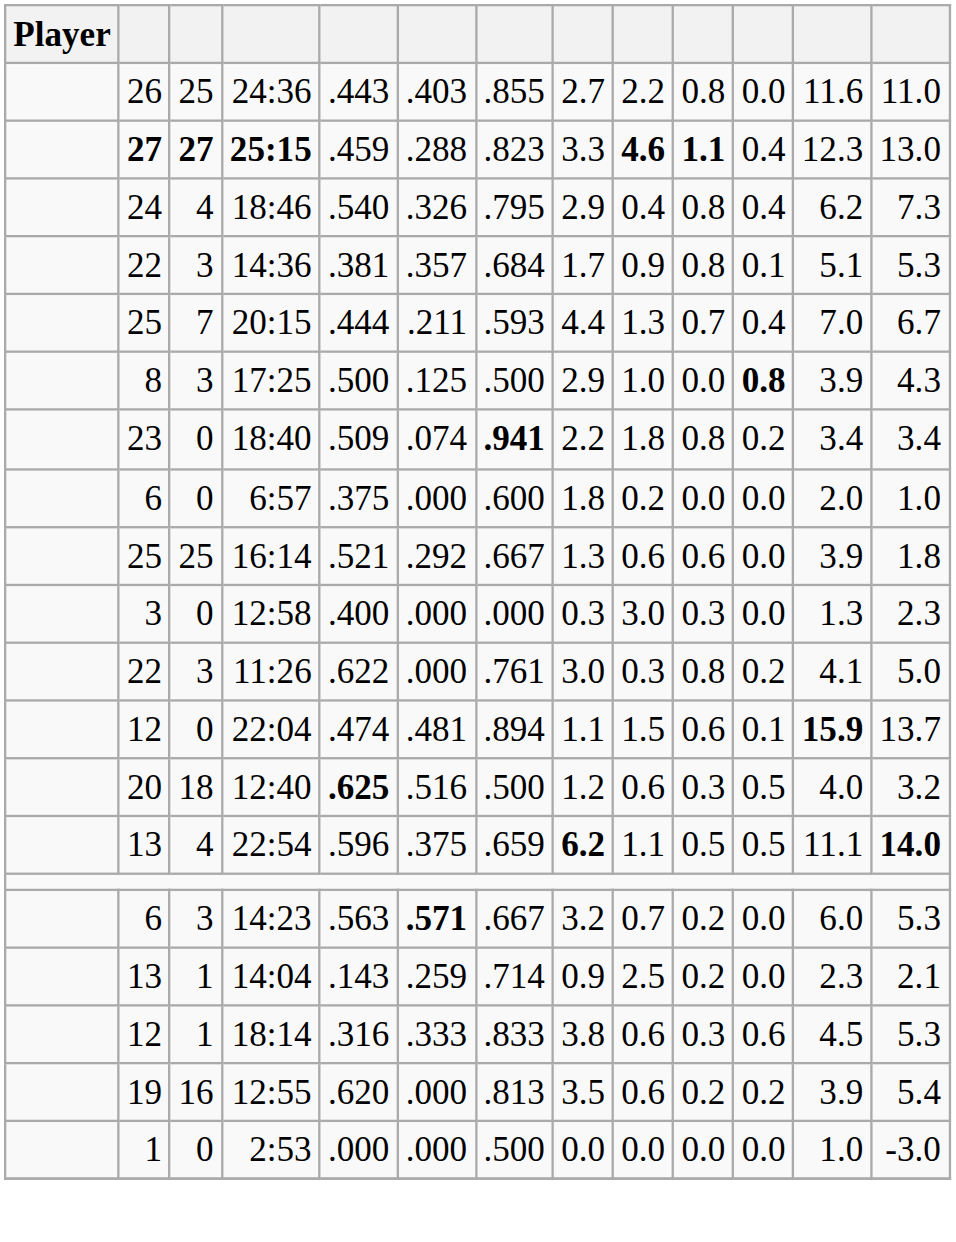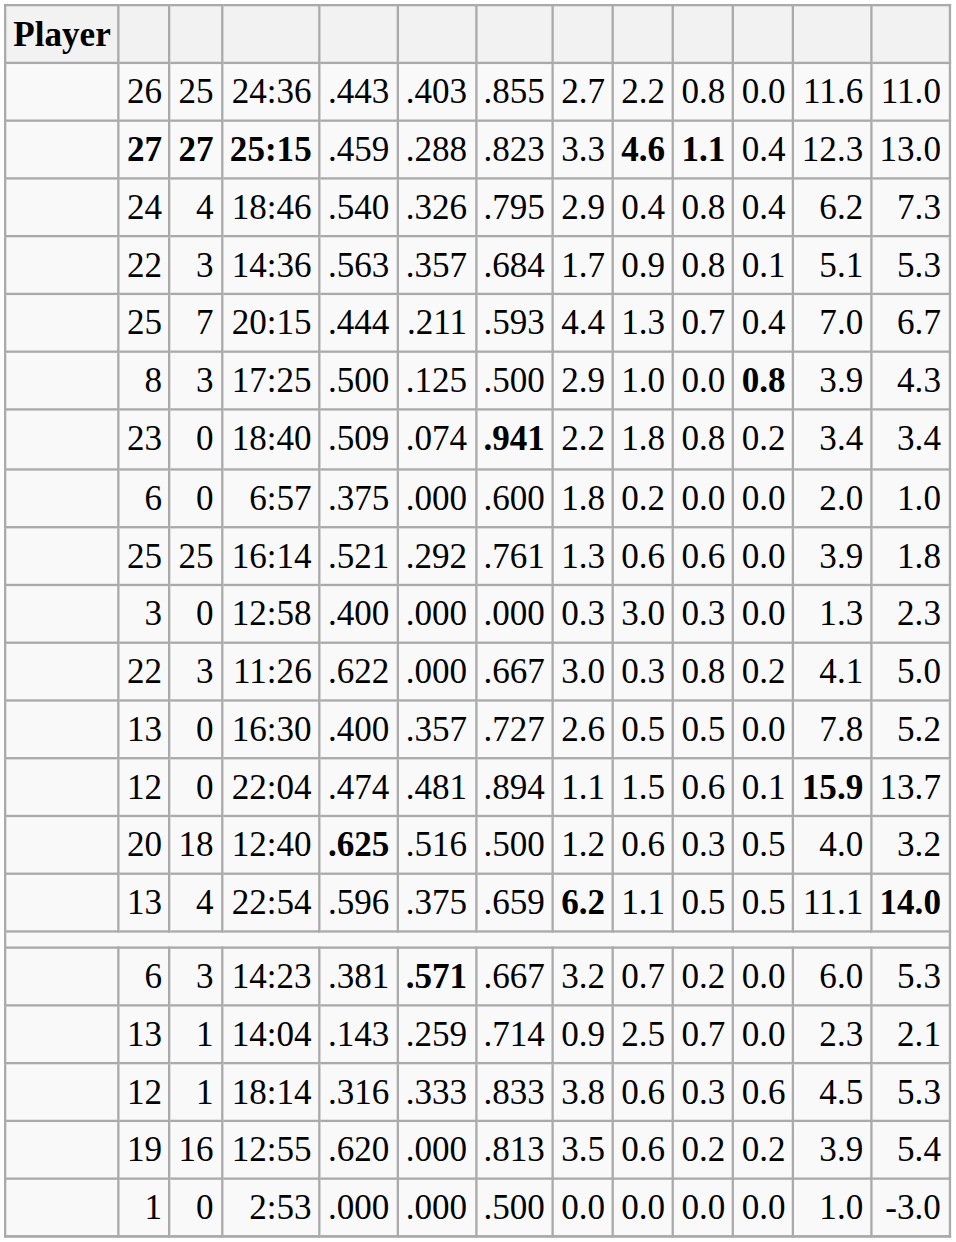 <table class="wikitable sortable" style="font-size:95%; text-align:right;">
 <tr>
 <th>Player</th>
 <th></th>
 <th></th>
 <th></th>
 <th></th>
 <th></th>
 <th></th>
 <th></th>
 <th></th>
 <th></th>
 <th></th>
 <th></th>
 <th></th>
 </tr>
 <tr>
 <td><strong></strong></td>
 <td>26</td>
 <td>25</td>
 <td>24:36</td>
 <td>.443</td>
 <td>.403</td>
 <td>.855</td>
 <td>2.7</td>
 <td>2.2</td>
 <td>0.8</td>
 <td>0.0</td>
 <td>11.6</td>
 <td>11.0</td>
 </tr>
 <tr>
 <td><strong></strong></td>
 <td><strong>27</strong></td>
 <td><strong>27</strong></td>
 <td><strong>25:15</strong></td>
 <td>.459</td>
 <td>.288</td>
 <td>.823</td>
 <td>3.3</td>
 <td><strong>4.6</strong></td>
 <td><strong>1.1</strong></td>
 <td>0.4</td>
 <td>12.3</td>
 <td>13.0</td>
 </tr>
 <tr>
 <td><strong></strong></td>
 <td>24</td>
 <td>4</td>
 <td>18:46</td>
 <td>.540</td>
 <td>.326</td>
 <td>.795</td>
 <td>2.9</td>
 <td>0.4</td>
 <td>0.8</td>
 <td>0.4</td>
 <td>6.2</td>
 <td>7.3</td>
 </tr>
 <tr>
 <td><strong></strong></td>
 <td>22</td>
 <td>3</td>
 <td>14:36</td>
-<td>.381</td>
+<td>.563</td>
 <td>.357</td>
 <td>.684</td>
 <td>1.7</td>
 <td>0.9</td>
 <td>0.8</td>
 <td>0.1</td>
 <td>5.1</td>
 <td>5.3</td>
 </tr>
 <tr>
 <td><strong></strong></td>
 <td>25</td>
 <td>7</td>
 <td>20:15</td>
 <td>.444</td>
 <td>.211</td>
 <td>.593</td>
 <td>4.4</td>
 <td>1.3</td>
 <td>0.7</td>
 <td>0.4</td>
 <td>7.0</td>
 <td>6.7</td>
 </tr>
 <tr>
 <td><strong></strong></td>
 <td>8</td>
 <td>3</td>
 <td>17:25</td>
 <td>.500</td>
 <td>.125</td>
 <td>.500</td>
 <td>2.9</td>
 <td>1.0</td>
 <td>0.0</td>
 <td><strong>0.8</strong></td>
 <td>3.9</td>
 <td>4.3</td>
 </tr>
 <tr>
 <td><strong></strong></td>
 <td>23</td>
 <td>0</td>
 <td>18:40</td>
 <td>.509</td>
 <td>.074</td>
 <td><strong>.941</strong></td>
 <td>2.2</td>
 <td>1.8</td>
 <td>0.8</td>
 <td>0.2</td>
 <td>3.4</td>
 <td>3.4</td>
 </tr>
 <tr>
 <td><strong></strong></td>
 <td>6</td>
 <td>0</td>
 <td>6:57</td>
 <td>.375</td>
 <td>.000</td>
 <td>.600</td>
 <td>1.8</td>
 <td>0.2</td>
 <td>0.0</td>
 <td>0.0</td>
 <td>2.0</td>
 <td>1.0</td>
 </tr>
 <tr>
 <td><strong></strong></td>
 <td>25</td>
 <td>25</td>
 <td>16:14</td>
 <td>.521</td>
 <td>.292</td>
-<td>.667</td>
+<td>.761</td>
 <td>1.3</td>
 <td>0.6</td>
 <td>0.6</td>
 <td>0.0</td>
 <td>3.9</td>
 <td>1.8</td>
 </tr>
 <tr>
 <td><strong></strong></td>
 <td>3</td>
 <td>0</td>
 <td>12:58</td>
 <td>.400</td>
 <td>.000</td>
 <td>.000</td>
 <td>0.3</td>
 <td>3.0</td>
 <td>0.3</td>
 <td>0.0</td>
 <td>1.3</td>
 <td>2.3</td>
 </tr>
 <tr>
 <td><strong></strong></td>
 <td>22</td>
 <td>3</td>
 <td>11:26</td>
 <td>.622</td>
 <td>.000</td>
-<td>.761</td>
+<td>.667</td>
 <td>3.0</td>
 <td>0.3</td>
 <td>0.8</td>
 <td>0.2</td>
 <td>4.1</td>
 <td>5.0</td>
+</tr>
+<tr>
+<td><strong></strong></td>
+<td>13</td>
+<td>0</td>
+<td>16:30</td>
+<td>.400</td>
+<td>.357</td>
+<td>.727</td>
+<td>2.6</td>
+<td>0.5</td>
+<td>0.5</td>
+<td>0.0</td>
+<td>7.8</td>
+<td>5.2</td>
 </tr>
 <tr>
 <td><strong></strong></td>
 <td>12</td>
 <td>0</td>
 <td>22:04</td>
 <td>.474</td>
 <td>.481</td>
 <td>.894</td>
 <td>1.1</td>
 <td>1.5</td>
 <td>0.6</td>
 <td>0.1</td>
 <td><strong>15.9</strong></td>
 <td>13.7</td>
 </tr>
 <tr>
 <td><strong></strong></td>
 <td>20</td>
 <td>18</td>
 <td>12:40</td>
 <td><strong>.625</strong></td>
 <td>.516</td>
 <td>.500</td>
 <td>1.2</td>
 <td>0.6</td>
 <td>0.3</td>
 <td>0.5</td>
 <td>4.0</td>
 <td>3.2</td>
 </tr>
 <tr>
 <td><strong></strong></td>
 <td>13</td>
 <td>4</td>
 <td>22:54</td>
 <td>.596</td>
 <td>.375</td>
 <td>.659</td>
 <td><strong>6.2</strong></td>
 <td>1.1</td>
 <td>0.5</td>
 <td>0.5</td>
 <td>11.1</td>
 <td><strong>14.0</strong></td>
 </tr>
 <tr class="sortbottom">
 <td colspan=13></td>
 </tr>
 <tr>
 <td><em></em></td>
 <td>6</td>
 <td>3</td>
 <td>14:23</td>
-<td>.563</td>
+<td>.381</td>
 <td><strong>.571</strong></td>
 <td>.667</td>
 <td>3.2</td>
 <td>0.7</td>
 <td>0.2</td>
 <td>0.0</td>
 <td>6.0</td>
 <td>5.3</td>
 </tr>
 <tr>
 <td><em></em></td>
 <td>13</td>
 <td>1</td>
 <td>14:04</td>
 <td>.143</td>
 <td>.259</td>
 <td>.714</td>
 <td>0.9</td>
 <td>2.5</td>
-<td>0.2</td>
+<td>0.7</td>
 <td>0.0</td>
 <td>2.3</td>
 <td>2.1</td>
 </tr>
 <tr>
 <td><em></em></td>
 <td>12</td>
 <td>1</td>
 <td>18:14</td>
 <td>.316</td>
 <td>.333</td>
 <td>.833</td>
 <td>3.8</td>
 <td>0.6</td>
 <td>0.3</td>
 <td>0.6</td>
 <td>4.5</td>
 <td>5.3</td>
 </tr>
 <tr>
 <td><em></em></td>
 <td>19</td>
 <td>16</td>
 <td>12:55</td>
 <td>.620</td>
 <td>.000</td>
 <td>.813</td>
 <td>3.5</td>
 <td>0.6</td>
 <td>0.2</td>
 <td>0.2</td>
 <td>3.9</td>
 <td>5.4</td>
 </tr>
 <tr>
 <td><em></em></td>
 <td>1</td>
 <td>0</td>
 <td>2:53</td>
 <td>.000</td>
 <td>.000</td>
 <td>.500</td>
 <td>0.0</td>
 <td>0.0</td>
 <td>0.0</td>
 <td>0.0</td>
 <td>1.0</td>
 <td>-3.0</td>
 </tr>
 <tr>
 </tr>
 </table>
